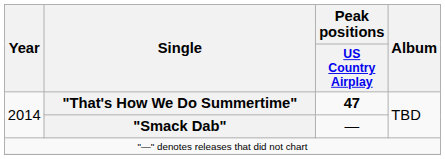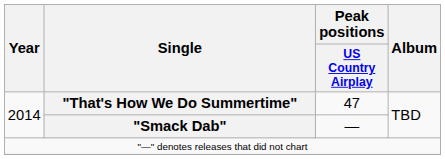 <table class="wikitable plainrowheaders" style="text-align:center;">
 <tr>
 <th rowspan="2">Year</th>
 <th rowspan="2" style="width:18em;">Single</th>
 <th>Peak positions</th>
 <th rowspan="2">Album</th>
 </tr>
 <tr style="font-size:smaller;">
 <th width="65"><a href='#'>US Country Airplay</a><br></th>
 </tr>
 <tr>
 <td rowspan="2">2014</td>
 <th scope="row">"That's How We Do Summertime"</th>
-<td><strong>47</strong></td>
+<td>47</td>
 <td align="left" rowspan="2">TBD</td>
 </tr>
 <tr>
 <th scope="row">"Smack Dab"</th>
 <td>—</td>
 </tr>
 <tr>
 <td colspan="4" style="font-size:8pt">"—" denotes releases that did not chart</td>
 </tr>
 <tr>
 </tr>
 </table>
